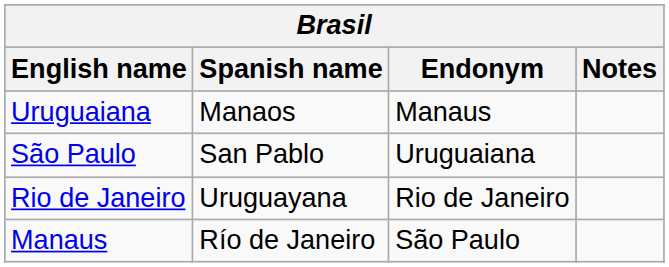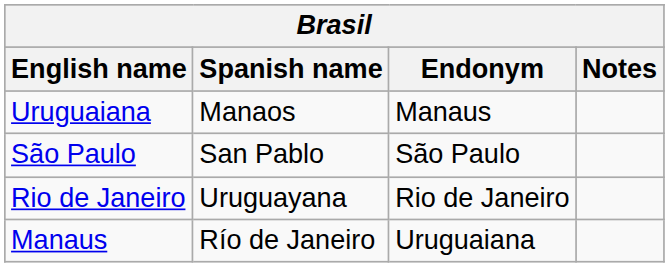 <table class="wikitable sortable">
 <tr>
 <th colspan="4"> <em>Brasil</em></th>
 </tr>
 <tr>
 <th>English name</th>
 <th>Spanish name</th>
 <th>Endonym</th>
 <th>Notes</th>
 </tr>
 <tr>
 <td><a href='#'>Uruguaiana</a></td>
 <td>Manaos</td>
 <td>Manaus</td>
 <td></td>
 </tr>
 <tr>
 <td><a href='#'>São Paulo</a></td>
 <td>San Pablo</td>
-<td>Uruguaiana</td>
+<td>São Paulo</td>
 <td></td>
 </tr>
 <tr>
 <td><a href='#'>Rio de Janeiro</a></td>
 <td>Uruguayana</td>
 <td>Rio de Janeiro</td>
 <td></td>
 </tr>
 <tr>
 <td><a href='#'>Manaus</a></td>
 <td>Río de Janeiro</td>
-<td>São Paulo</td>
+<td>Uruguaiana</td>
 <td></td>
 </tr>
 </table>
